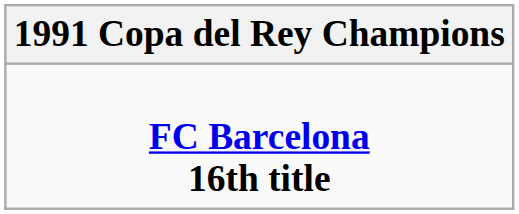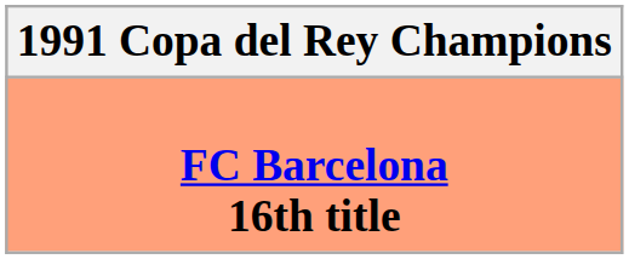 <table class=wikitable style="text-align:center; margin:auto">
 <tr>
 <th>1991 Copa del Rey Champions</th>
 </tr>
 <tr>
-<td><br> <strong><a href='#'>FC Barcelona</a></strong> <br> <strong>16th title</strong></td>
+<td style="background: lightsalmon;"><br> <strong><a href='#'>FC Barcelona</a></strong> <br> <strong>16th title</strong></td>
 </tr>
 </table>
